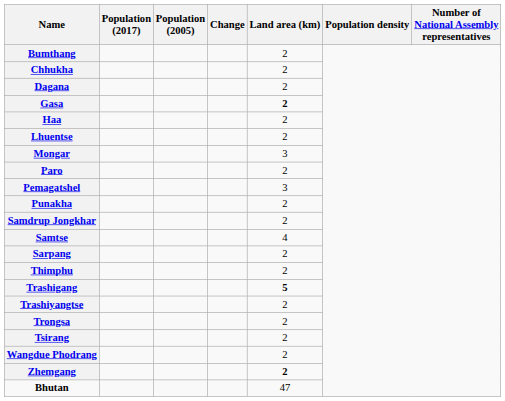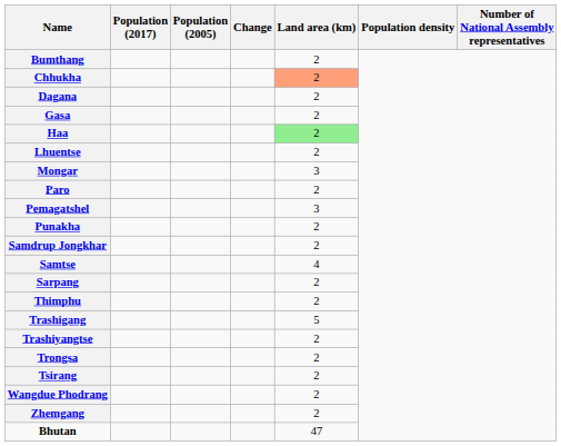 <table class="wikitable sortable" style="text-align: center;">
 <tr>
 <th scope="col">Name</th>
 <th scope="col">Population <br>(2017)</th>
 <th scope="col">Population <br>(2005)</th>
 <th scope="col">Change</th>
 <th scope="col" data-sort-type="number">Land area (km)</th>
 <th scope="col" data-sort-type="number">Population density</th>
 <th scope="col">Number of<br><a href='#'>National Assembly</a><br>representatives</th>
 </tr>
 <tr>
 <th scope="row"><a href='#'>Bumthang</a></th>
 <td></td>
 <td></td>
 <td></td>
 <td>2</td>
 </tr>
 <tr>
 <th scope="row"><a href='#'>Chhukha</a></th>
 <td></td>
 <td></td>
 <td></td>
-<td>2</td>
+<td style="background: lightsalmon;">2</td>
 </tr>
 <tr>
 <th scope="row"><a href='#'>Dagana</a></th>
 <td></td>
 <td></td>
 <td></td>
 <td>2</td>
 </tr>
 <tr>
 <th scope="row"><a href='#'>Gasa</a></th>
 <td></td>
 <td></td>
 <td></td>
-<td><strong>2</strong></td>
+<td>2</td>
 </tr>
 <tr>
 <th scope="row"><a href='#'>Haa</a></th>
 <td></td>
 <td></td>
 <td></td>
-<td>2</td>
+<td style="background: lightgreen;">2</td>
 </tr>
 <tr>
 <th scope="row"><a href='#'>Lhuentse</a></th>
 <td></td>
 <td></td>
 <td></td>
 <td>2</td>
 </tr>
 <tr>
 <th scope="row"><a href='#'>Mongar</a></th>
 <td></td>
 <td></td>
 <td></td>
 <td>3</td>
 </tr>
 <tr>
 <th scope="row"><a href='#'>Paro</a></th>
 <td></td>
 <td></td>
 <td></td>
 <td>2</td>
 </tr>
 <tr>
 <th scope="row"><a href='#'>Pemagatshel</a></th>
 <td></td>
 <td></td>
 <td></td>
 <td>3</td>
 </tr>
 <tr>
 <th scope="row"><a href='#'>Punakha</a></th>
 <td></td>
 <td></td>
 <td></td>
 <td>2</td>
 </tr>
 <tr>
 <th scope="row"><a href='#'>Samdrup Jongkhar</a></th>
 <td></td>
 <td></td>
 <td></td>
 <td>2</td>
 </tr>
 <tr>
 <th scope="row"><a href='#'>Samtse</a></th>
 <td></td>
 <td></td>
 <td></td>
 <td>4</td>
 </tr>
 <tr>
 <th scope="row"><a href='#'>Sarpang</a></th>
 <td></td>
 <td></td>
 <td></td>
 <td>2</td>
 </tr>
 <tr>
 <th scope="row"><a href='#'>Thimphu</a></th>
 <td></td>
 <td></td>
 <td></td>
 <td>2</td>
 </tr>
 <tr>
 <th scope="row"><a href='#'>Trashigang</a></th>
 <td></td>
 <td></td>
 <td></td>
-<td><strong>5</strong></td>
+<td>5</td>
 </tr>
 <tr>
 <th scope="row"><a href='#'>Trashiyangtse</a></th>
 <td></td>
 <td></td>
 <td></td>
 <td>2</td>
 </tr>
 <tr>
 <th scope="row"><a href='#'>Trongsa</a></th>
 <td></td>
 <td></td>
 <td></td>
 <td>2</td>
 </tr>
 <tr>
 <th scope="row"><a href='#'>Tsirang</a></th>
 <td></td>
 <td></td>
 <td></td>
 <td>2</td>
 </tr>
 <tr>
 <th scope="row"><a href='#'>Wangdue Phodrang</a></th>
 <td></td>
 <td></td>
 <td></td>
 <td>2</td>
 </tr>
 <tr>
 <th scope="row"><a href='#'>Zhemgang</a></th>
 <td></td>
 <td></td>
 <td></td>
-<td><strong>2</strong></td>
+<td>2</td>
 </tr>
 <tr class="sortbottom" style="text-align:center;" style="background: #f2f2f2;">
 <td scope="row"><strong>Bhutan</strong></td>
 <td></td>
 <td><strong></strong></td>
 <td align="center"><strong></strong></td>
 <td>47</td>
 </tr>
 </table>
